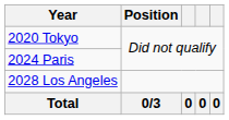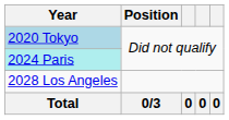 <table class="wikitable" style="text-align: center;">
 <tr>
 <th>Year</th>
 <th>Position</th>
 <th></th>
 <th></th>
 <th></th>
 </tr>
 <tr>
-<td style="text-align: left;"> <a href='#'>2020 Tokyo</a></td>
+<td style="background: lightblue; text-align: left;"> <a href='#'>2020 Tokyo</a></td>
 <td colspan=4 rowspan=2><em>Did not qualify</em></td>
 </tr>
 <tr>
-<td style="text-align: left;"> <a href='#'>2024 Paris</a></td>
+<td style="background: paleturquoise; text-align: left;"> <a href='#'>2024 Paris</a></td>
 </tr>
 <tr>
 <td style="text-align: left;"> <a href='#'>2028 Los Angeles</a></td>
 </tr>
 <tr>
 <th>Total</th>
 <th>0/3</th>
 <th>0</th>
 <th>0</th>
 <th>0</th>
 </tr>
 </table>
